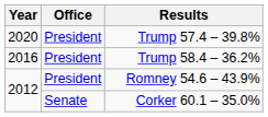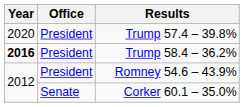 <table class=wikitable>
 <tr>
 <th width="30">Year</th>
 <th width="60">Office</th>
 <th width="180">Results</th>
 </tr>
 <tr>
 <td>2020</td>
 <td><a href='#'>President</a></td>
 <td align="right" ><a href='#'>Trump</a> 57.4 – 39.8%</td>
 </tr>
 <tr>
-<td>2016</td>
+<td><strong>2016</strong></td>
 <td><a href='#'>President</a></td>
 <td align="right" ><a href='#'>Trump</a> 58.4 – 36.2%</td>
 </tr>
 <tr>
 <td rowspan="2">2012</td>
 <td><a href='#'>President</a></td>
 <td align="right" ><a href='#'>Romney</a> 54.6 – 43.9%</td>
 </tr>
 <tr>
 <td><a href='#'>Senate</a></td>
 <td align="right" ><a href='#'>Corker</a> 60.1 – 35.0%</td>
 </tr>
 </table>
